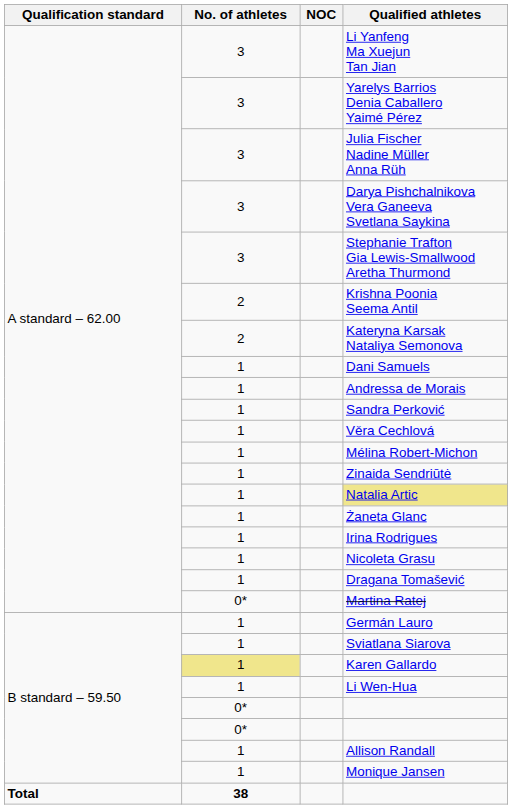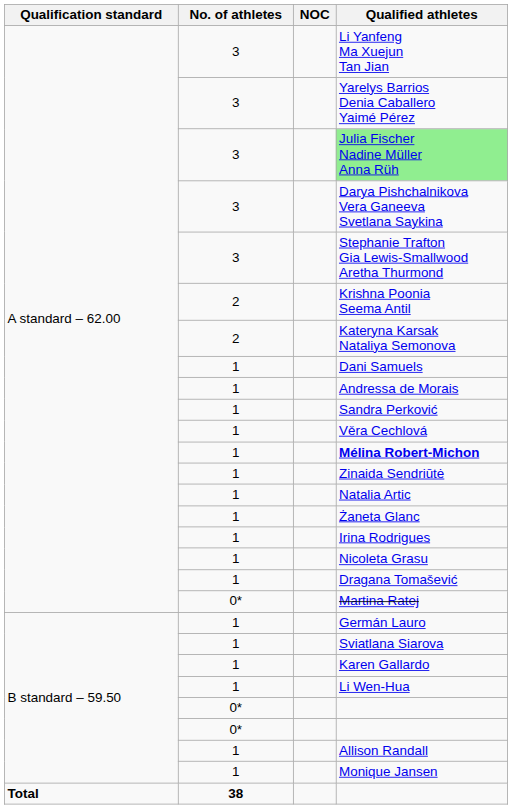 <table class="wikitable"  style="text-align:left; width:600px;">
 <tr>
 <th>Qualification standard</th>
 <th>No. of athletes</th>
 <th>NOC</th>
 <th>Qualified athletes</th>
 </tr>
 <tr>
 <td rowspan="19">A standard – 62.00</td>
 <td align=center>3</td>
 <td></td>
 <td><a href='#'>Li Yanfeng</a><br><a href='#'>Ma Xuejun</a><br><a href='#'>Tan Jian</a></td>
 </tr>
 <tr>
 <td align=center>3</td>
 <td></td>
 <td><a href='#'>Yarelys Barrios</a><br><a href='#'>Denia Caballero</a><br><a href='#'>Yaimé Pérez</a></td>
 </tr>
 <tr>
 <td align=center>3</td>
 <td></td>
-<td><a href='#'>Julia Fischer</a><br><a href='#'>Nadine Müller</a><br><a href='#'>Anna Rüh</a></td>
+<td style="background: lightgreen;"><a href='#'>Julia Fischer</a><br><a href='#'>Nadine Müller</a><br><a href='#'>Anna Rüh</a></td>
 </tr>
 <tr>
 <td align=center>3</td>
 <td></td>
 <td><a href='#'>Darya Pishchalnikova</a><br><a href='#'>Vera Ganeeva</a><br><a href='#'>Svetlana Saykina</a></td>
 </tr>
 <tr>
 <td align=center>3</td>
 <td></td>
 <td><a href='#'>Stephanie Trafton</a><br><a href='#'>Gia Lewis-Smallwood</a><br><a href='#'>Aretha Thurmond</a></td>
 </tr>
 <tr>
 <td align=center>2</td>
 <td></td>
 <td><a href='#'>Krishna Poonia</a><br><a href='#'>Seema Antil</a></td>
 </tr>
 <tr>
 <td align=center>2</td>
 <td></td>
 <td><a href='#'>Kateryna Karsak</a><br><a href='#'>Nataliya Semonova</a></td>
 </tr>
 <tr>
 <td align=center>1</td>
 <td></td>
 <td><a href='#'>Dani Samuels</a></td>
 </tr>
 <tr>
 <td align=center>1</td>
 <td></td>
 <td><a href='#'>Andressa de Morais</a></td>
 </tr>
 <tr>
 <td align=center>1</td>
 <td></td>
 <td><a href='#'>Sandra Perković</a></td>
 </tr>
 <tr>
 <td align=center>1</td>
 <td></td>
 <td><a href='#'>Věra Cechlová</a></td>
 </tr>
 <tr>
 <td align=center>1</td>
 <td></td>
-<td><a href='#'>Mélina Robert-Michon</a></td>
+<td><strong><a href='#'>Mélina Robert-Michon</a></strong></td>
 </tr>
 <tr>
 <td align=center>1</td>
 <td></td>
 <td><a href='#'>Zinaida Sendriūtė</a></td>
 </tr>
 <tr>
 <td align=center>1</td>
 <td></td>
-<td style="background: khaki;"><a href='#'>Natalia Artic</a></td>
+<td><a href='#'>Natalia Artic</a></td>
 </tr>
 <tr>
 <td align=center>1</td>
 <td></td>
 <td><a href='#'>Żaneta Glanc</a></td>
 </tr>
 <tr>
 <td align=center>1</td>
 <td></td>
 <td><a href='#'>Irina Rodrigues</a></td>
 </tr>
 <tr>
 <td align=center>1</td>
 <td></td>
 <td><a href='#'>Nicoleta Grasu</a></td>
 </tr>
 <tr>
 <td align=center>1</td>
 <td></td>
 <td><a href='#'>Dragana Tomašević</a></td>
 </tr>
 <tr>
 <td align=center>0*</td>
 <td></td>
 <td><s><a href='#'>Martina Ratej</a></s></td>
 </tr>
 <tr>
 <td rowspan="8">B standard – 59.50</td>
 <td align=center>1</td>
 <td></td>
 <td><a href='#'>Germán Lauro</a></td>
 </tr>
 <tr>
 <td align=center>1</td>
 <td></td>
 <td><a href='#'>Sviatlana Siarova</a></td>
 </tr>
 <tr>
-<td align=center style="background: khaki;">1</td>
+<td align=center>1</td>
 <td></td>
 <td><a href='#'>Karen Gallardo</a></td>
 </tr>
 <tr>
 <td align=center>1</td>
 <td></td>
 <td><a href='#'>Li Wen-Hua</a></td>
 </tr>
 <tr>
 <td align=center>0*</td>
 <td><s></s></td>
 <td></td>
 </tr>
 <tr>
 <td align=center>0*</td>
 <td><s></s></td>
 <td></td>
 </tr>
 <tr>
 <td align=center>1</td>
 <td></td>
 <td><a href='#'>Allison Randall</a></td>
 </tr>
 <tr>
 <td align=center>1</td>
 <td></td>
 <td><a href='#'>Monique Jansen</a></td>
 </tr>
 <tr>
 <td><strong>Total</strong></td>
 <td align=center><strong>38</strong></td>
 <td></td>
 <td></td>
 </tr>
 </table>
